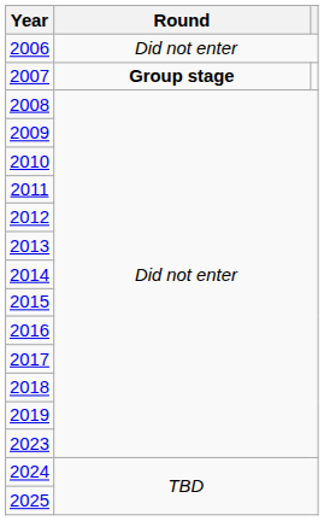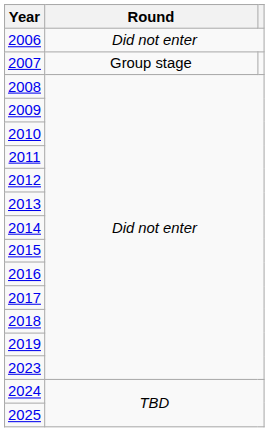 <table class="wikitable" style="text-align: center; font-size:90%">
 <tr>
 <th>Year</th>
 <th style="width:200px">Round</th>
 <th></th>
 </tr>
 <tr>
 <td><a href='#'>2006</a></td>
 <td colspan="2"><em>Did not enter</em></td>
 </tr>
 <tr>
 <td><a href='#'>2007</a></td>
-<td><strong>Group stage</strong></td>
+<td>Group stage</td>
 <td></td>
 </tr>
 <tr>
 <td><a href='#'>2008</a></td>
 <td colspan="2" rowspan="13"><em>Did not enter</em></td>
 </tr>
 <tr>
 <td><a href='#'>2009</a></td>
 </tr>
 <tr>
 <td><a href='#'>2010</a></td>
 </tr>
 <tr>
 <td><a href='#'>2011</a></td>
 </tr>
 <tr>
 <td><a href='#'>2012</a></td>
 </tr>
 <tr>
 <td><a href='#'>2013</a></td>
 </tr>
 <tr>
 <td><a href='#'>2014</a></td>
 </tr>
 <tr>
 <td><a href='#'>2015</a></td>
 </tr>
 <tr>
 <td><a href='#'>2016</a></td>
 </tr>
 <tr>
 <td><a href='#'>2017</a></td>
 </tr>
 <tr>
 <td><a href='#'>2018</a></td>
 </tr>
 <tr>
 <td><a href='#'>2019</a></td>
 </tr>
 <tr>
 <td><a href='#'>2023</a></td>
 </tr>
 <tr>
 <td><a href='#'>2024</a></td>
 <td colspan="2" rowspan="2"><em>TBD</em></td>
 </tr>
 <tr>
 <td><a href='#'>2025</a></td>
 </tr>
 </table>
